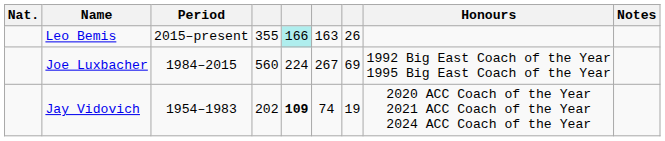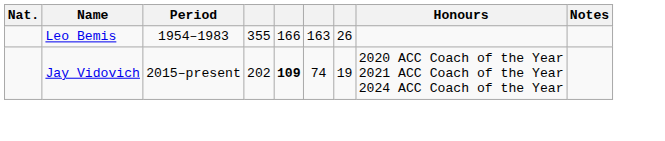 <table class="wikitable" style="text-align: center;">
 <tr>
 <th>Nat.</th>
 <th>Name</th>
 <th>Period</th>
 <th></th>
 <th></th>
 <th></th>
 <th></th>
 <th>Honours</th>
 <th>Notes</th>
 </tr>
 <tr>
 <td></td>
 <td align=left><a href='#'>Leo Bemis</a></td>
-<td align=left>2015–present</td>
+<td>1954–1983</td>
 <td>355</td>
-<td style="background: paleturquoise;">166</td>
+<td>166</td>
 <td>163</td>
 <td>26</td>
 <td></td>
 </tr>
 <tr>
 <td></td>
-<td align=left><a href='#'>Joe Luxbacher</a></td>
-<td>1984–2015</td>
-<td>560</td>
-<td>224</td>
-<td>267</td>
-<td>69</td>
-<td>1992 Big East Coach of the Year<br>1995 Big East Coach of the Year</td>
-<td></td>
-</tr>
-<tr>
-<td></td>
 <td align=left><a href='#'>Jay Vidovich</a></td>
-<td>1954–1983</td>
+<td align=left>2015–present</td>
 <td>202</td>
 <td><strong>109</strong></td>
 <td>74</td>
 <td>19</td>
 <td>2020 ACC Coach of the Year<br>2021 ACC Coach of the Year<br>2024 ACC Coach of the Year</td>
 <td></td>
 </tr>
 </table>
